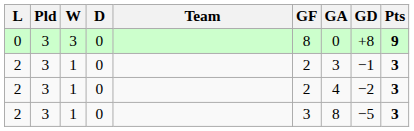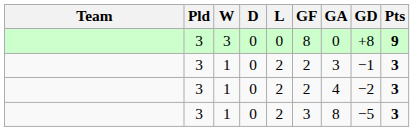 <table class="wikitable" style="text-align:center;">
 <tr>
-<th width=20>L</th>
+<th width=180>Team</th>
 <th width=20>Pld</th>
 <th width=20>W</th>
 <th width=20>D</th>
-<th width=180>Team</th>
+<th width=20>L</th>
 <th width=20>GF</th>
 <th width=20>GA</th>
 <th width=20>GD</th>
 <th width=20>Pts</th>
 </tr>
 <tr bgcolor=ccffcc>
-<td>0</td>
+<td align="left"><em></em></td>
 <td>3</td>
 <td>3</td>
 <td>0</td>
-<td align="left"><em></em></td>
+<td>0</td>
 <td>8</td>
 <td>0</td>
 <td>+8</td>
 <td><strong>9</strong></td>
 </tr>
 <tr>
-<td>2</td>
+<td align="left"></td>
 <td>3</td>
 <td>1</td>
 <td>0</td>
-<td align="left"></td>
+<td>2</td>
 <td>2</td>
 <td>3</td>
 <td>−1</td>
 <td><strong>3</strong></td>
 </tr>
 <tr>
-<td>2</td>
+<td align="left"></td>
 <td>3</td>
 <td>1</td>
 <td>0</td>
-<td align="left"></td>
+<td>2</td>
 <td>2</td>
 <td>4</td>
 <td>−2</td>
 <td><strong>3</strong></td>
 </tr>
 <tr>
-<td>2</td>
+<td align="left"></td>
 <td>3</td>
 <td>1</td>
 <td>0</td>
-<td align="left"></td>
+<td>2</td>
 <td>3</td>
 <td>8</td>
 <td>−5</td>
 <td><strong>3</strong></td>
 </tr>
 </table>
